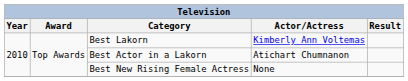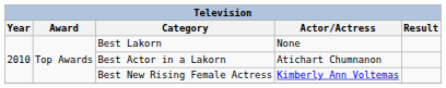 <table class="wikitable">
 <tr>
 <th colspan="5" style="background: LightSteelBlue;">Television</th>
 </tr>
 <tr>
 <th>Year</th>
 <th>Award</th>
 <th>Category</th>
 <th>Actor/Actress</th>
 <th>Result</th>
 </tr>
 <tr>
 <td rowspan="3">2010</td>
 <td rowspan="3">Top Awards</td>
 <td>Best Lakorn</td>
-<td><a href='#'>Kimberly Ann Voltemas</a></td>
+<td>None</td>
 <td></td>
 </tr>
 <tr>
 <td>Best Actor in a Lakorn</td>
 <td>Atichart Chumnanon</td>
 <td></td>
 </tr>
 <tr>
 <td>Best New Rising Female Actress</td>
-<td>None</td>
+<td><a href='#'>Kimberly Ann Voltemas</a></td>
 <td></td>
 </tr>
 <tr>
 </tr>
 </table>
